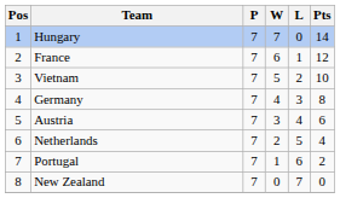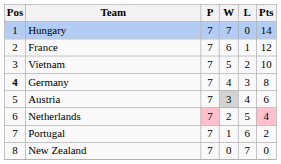 <table class="wikitable" style="font-size: 100%">
 <tr>
 <th width=15>Pos</th>
 <th width=250>Team</th>
 <th width=20>P</th>
 <th width=20>W</th>
 <th width=20>L</th>
 <th width=20>Pts</th>
 </tr>
 <tr align=center style="background: #b2ccf4;">
 <td>1</td>
 <td align="left"> Hungary</td>
 <td>7</td>
 <td>7</td>
 <td>0</td>
 <td>14</td>
 </tr>
 <tr align=center>
 <td>2</td>
 <td align="left"> France</td>
 <td>7</td>
 <td>6</td>
 <td>1</td>
 <td>12</td>
 </tr>
 <tr align=center>
 <td>3</td>
 <td align="left"> Vietnam</td>
 <td>7</td>
 <td>5</td>
 <td>2</td>
 <td>10</td>
 </tr>
 <tr align=center>
-<td>4</td>
+<td><strong>4</strong></td>
 <td align="left"> Germany</td>
 <td>7</td>
 <td>4</td>
 <td>3</td>
 <td>8</td>
 </tr>
 <tr align=center>
 <td>5</td>
 <td align="left"> Austria</td>
 <td>7</td>
-<td>3</td>
+<td style="background: lightgrey;">3</td>
 <td>4</td>
 <td>6</td>
 </tr>
 <tr align=center>
 <td>6</td>
 <td align="left"> Netherlands</td>
-<td>7</td>
+<td style="background: pink;">7</td>
 <td>2</td>
 <td>5</td>
-<td>4</td>
+<td style="background: pink;">4</td>
 </tr>
 <tr align=center>
 <td>7</td>
 <td align="left"> Portugal</td>
 <td>7</td>
 <td>1</td>
 <td>6</td>
 <td>2</td>
 </tr>
 <tr align=center>
 <td>8</td>
 <td align="left"> New Zealand</td>
 <td>7</td>
 <td>0</td>
 <td>7</td>
 <td>0</td>
 </tr>
 <tr align=center>
 </tr>
 </table>
